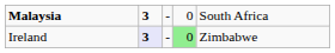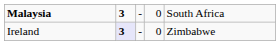 <table class="wikitable">
 <tr>
 <td width=150> <strong>Malaysia</strong></td>
 <td style="width:20px; text-align:left;"><strong>3</strong></td>
 <td>-</td>
 <td style="width:20px; text-align:right;">0</td>
 <td width=150> South Africa</td>
 </tr>
 <tr>
 <td> Ireland</td>
 <td style="background: lavender; text-align:left;"><strong>3</strong></td>
 <td>-</td>
-<td style="background: lightgreen; text-align:right;">0</td>
+<td style="text-align:right;">0</td>
 <td> Zimbabwe</td>
 </tr>
 </table>
